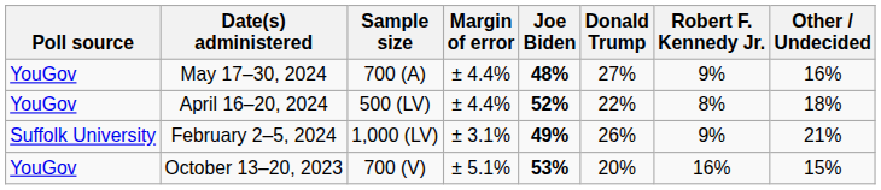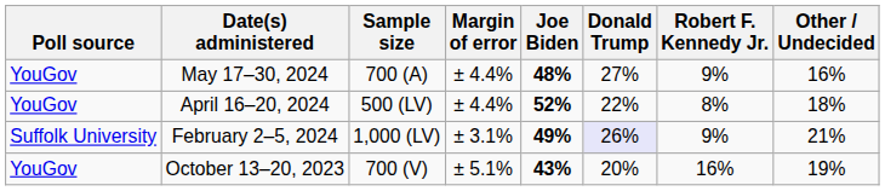 <table class="wikitable sortable mw-datatable" style="font-size:90%;text-align:center;line-height:17px">
 <tr valign=bottom>
 <th>Poll source</th>
 <th>Date(s)<br>administered</th>
 <th>Sample<br>size</th>
 <th>Margin<br>of error</th>
 <th class="unsortable">Joe<br>Biden<br></th>
 <th class="unsortable">Donald<br>Trump<br></th>
 <th class="unsortable">Robert F.<br>Kennedy Jr.<br></th>
 <th class="unsortable">Other /<br>Undecided</th>
 </tr>
 <tr>
 <td style="text-align:left;"><a href='#'>YouGov</a></td>
 <td data-sort-value=2024-06-05>May 17–30, 2024</td>
 <td>700 (A)</td>
 <td>± 4.4%</td>
 <td style="color:black;background-color:"><strong>48%</strong></td>
 <td>27%</td>
 <td>9%</td>
 <td>16%</td>
 </tr>
 <tr>
 <td style="text-align:left;"><a href='#'>YouGov</a></td>
 <td data-sort-value=2024-04-25>April 16–20, 2024</td>
 <td>500 (LV)</td>
 <td>± 4.4%</td>
 <td style="color:black;background-color:"><strong>52%</strong></td>
 <td>22%</td>
 <td>8%</td>
 <td>18%</td>
 </tr>
 <tr>
 <td style="text-align:left;"><a href='#'>Suffolk University</a></td>
 <td data-sort-value=2024-02-05>February 2–5, 2024</td>
 <td>1,000 (LV)</td>
 <td>± 3.1%</td>
 <td style="color:black;background-color:"><strong>49%</strong></td>
-<td>26%</td>
+<td style="background: lavender;">26%</td>
 <td>9%</td>
 <td>21%</td>
 </tr>
 <tr>
 <td style="text-align:left;"><a href='#'>YouGov</a></td>
 <td>October 13–20, 2023</td>
 <td>700 (V)</td>
 <td>± 5.1%</td>
-<td style="color:black;background-color:"><strong>53%</strong></td>
+<td style="color:black;background-color:"><strong>43%</strong></td>
 <td>20%</td>
 <td>16%</td>
-<td>15%</td>
+<td>19%</td>
 </tr>
 </table>
